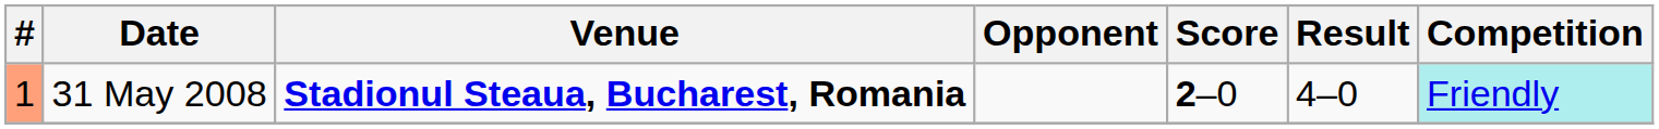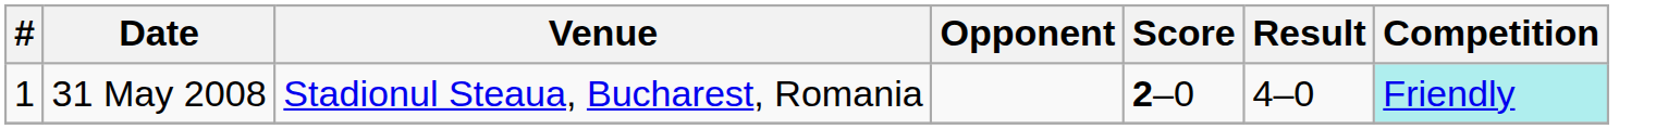 <table class="wikitable sortable" style="font-size:100%">
 <tr>
 <th>#</th>
 <th>Date</th>
 <th>Venue</th>
 <th>Opponent</th>
 <th>Score</th>
 <th>Result</th>
 <th>Competition</th>
 </tr>
 <tr>
-<td style="background: lightsalmon;">1</td>
+<td>1</td>
 <td>31 May 2008</td>
-<td><strong><a href='#'>Stadionul Steaua</a>, <a href='#'>Bucharest</a>, Romania</strong></td>
+<td><a href='#'>Stadionul Steaua</a>, <a href='#'>Bucharest</a>, Romania</td>
 <td></td>
 <td><strong>2</strong>–0</td>
 <td>4–0</td>
 <td style="background: paleturquoise;"><a href='#'>Friendly</a></td>
 </tr>
 <tr>
 </tr>
 </table>
